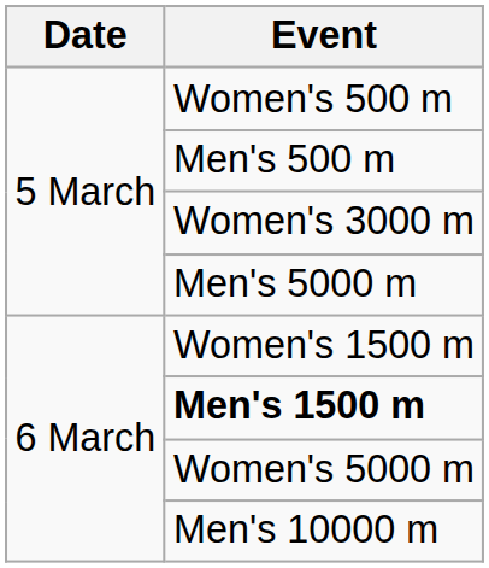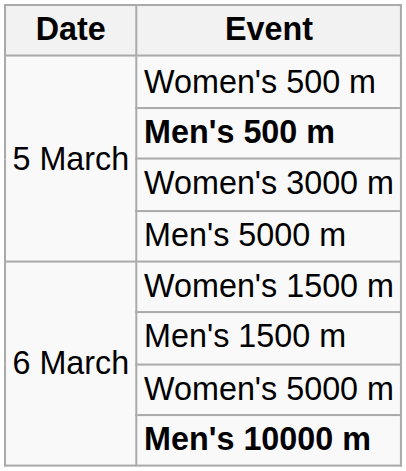 <table class="wikitable">
 <tr>
 <th>Date</th>
 <th>Event</th>
 </tr>
 <tr>
 <td rowspan=4>5 March</td>
 <td>Women's 500 m</td>
 </tr>
 <tr>
-<td>Men's 500 m</td>
+<td><strong>Men's 500 m</strong></td>
 </tr>
 <tr>
 <td>Women's 3000 m</td>
 </tr>
 <tr>
 <td>Men's 5000 m</td>
 </tr>
 <tr>
 <td rowspan=4>6 March</td>
 <td>Women's 1500 m</td>
 </tr>
 <tr>
-<td><strong>Men's 1500 m</strong></td>
+<td>Men's 1500 m</td>
 </tr>
 <tr>
 <td>Women's 5000 m</td>
 </tr>
 <tr>
-<td>Men's 10000 m</td>
+<td><strong>Men's 10000 m</strong></td>
 </tr>
 </table>
